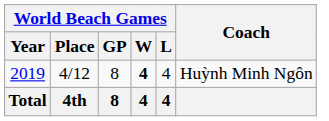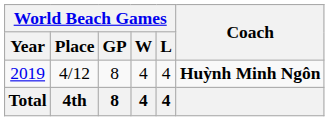 <table class="wikitable" style="text-align:center;">
 <tr>
 <th colspan=5><a href='#'>World Beach Games</a></th>
 <th rowspan="2">Coach</th>
 </tr>
 <tr>
 <th>Year</th>
 <th>Place</th>
 <th>GP</th>
 <th>W</th>
 <th>L</th>
 </tr>
 <tr background-color:#CCFFCC>
 <td> <a href='#'>2019</a></td>
 <td>4/12</td>
 <td>8</td>
-<td><strong>4</strong></td>
 <td>4</td>
-<td style="text-align:left;"> Huỳnh Minh Ngôn</td>
+<td>4</td>
+<td style="text-align:left;"><strong> Huỳnh Minh Ngôn</strong></td>
 </tr>
 <tr>
 <th>Total</th>
 <th>4th</th>
 <th>8</th>
 <th>4</th>
 <th>4</th>
 <th></th>
 </tr>
 </table>
